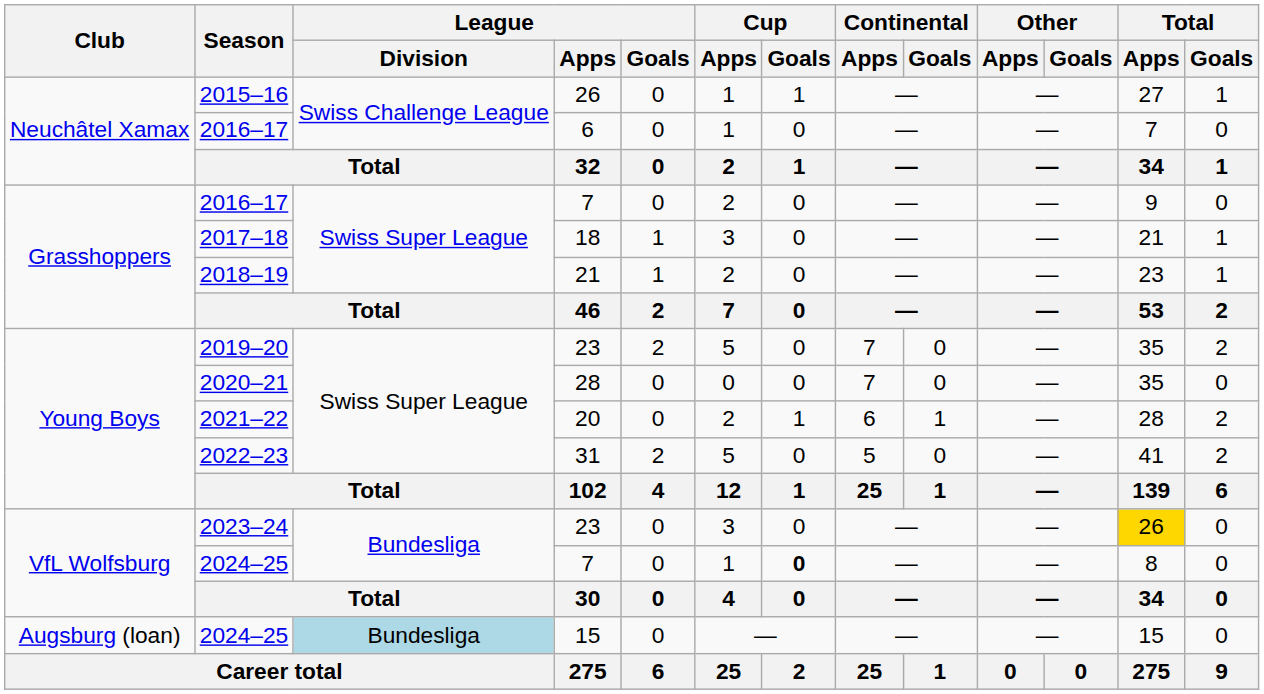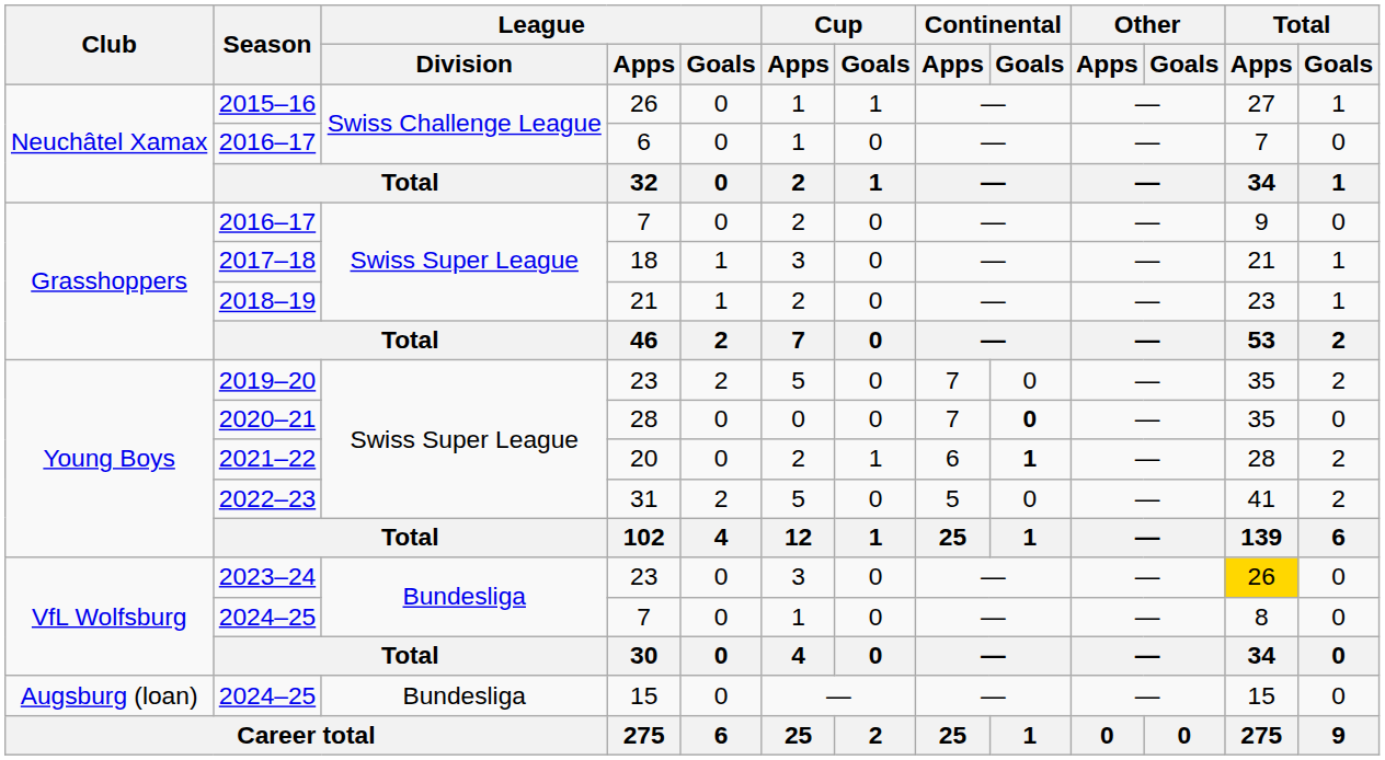 <table class="wikitable" style="text-align: center;">
 <tr>
 <th rowspan="2">Club</th>
 <th rowspan="2">Season</th>
 <th colspan="3">League</th>
 <th colspan="2">Cup</th>
 <th colspan="2">Continental</th>
 <th colspan="2">Other</th>
 <th colspan="2">Total</th>
 </tr>
 <tr>
 <th>Division</th>
 <th>Apps</th>
 <th>Goals</th>
 <th>Apps</th>
 <th>Goals</th>
 <th>Apps</th>
 <th>Goals</th>
 <th>Apps</th>
 <th>Goals</th>
 <th>Apps</th>
 <th>Goals</th>
 </tr>
 <tr>
 <td rowspan="3"><a href='#'>Neuchâtel Xamax</a></td>
 <td><a href='#'>2015–16</a></td>
 <td rowspan="2"><a href='#'>Swiss Challenge League</a></td>
 <td>26</td>
 <td>0</td>
 <td>1</td>
 <td>1</td>
 <td colspan="2">—</td>
 <td colspan="2">—</td>
 <td>27</td>
 <td>1</td>
 </tr>
 <tr>
 <td><a href='#'>2016–17</a></td>
 <td>6</td>
 <td>0</td>
 <td>1</td>
 <td>0</td>
 <td colspan="2">—</td>
 <td colspan="2">—</td>
 <td>7</td>
 <td>0</td>
 </tr>
 <tr>
 <th colspan="2">Total</th>
 <th>32</th>
 <th>0</th>
 <th>2</th>
 <th>1</th>
 <th colspan="2">—</th>
 <th colspan="2">—</th>
 <th>34</th>
 <th>1</th>
 </tr>
 <tr>
 <td rowspan="4"><a href='#'>Grasshoppers</a></td>
 <td><a href='#'>2016–17</a></td>
 <td rowspan="3"><a href='#'>Swiss Super League</a></td>
 <td>7</td>
 <td>0</td>
 <td>2</td>
 <td>0</td>
 <td colspan="2">—</td>
 <td colspan="2">—</td>
 <td>9</td>
 <td>0</td>
 </tr>
 <tr>
 <td><a href='#'>2017–18</a></td>
 <td>18</td>
 <td>1</td>
 <td>3</td>
 <td>0</td>
 <td colspan="2">—</td>
 <td colspan="2">—</td>
 <td>21</td>
 <td>1</td>
 </tr>
 <tr>
 <td><a href='#'>2018–19</a></td>
 <td>21</td>
 <td>1</td>
 <td>2</td>
 <td>0</td>
 <td colspan="2">—</td>
 <td colspan="2">—</td>
 <td>23</td>
 <td>1</td>
 </tr>
 <tr>
 <th colspan="2">Total</th>
 <th>46</th>
 <th>2</th>
 <th>7</th>
 <th>0</th>
 <th colspan="2">—</th>
 <th colspan="2">—</th>
 <th>53</th>
 <th>2</th>
 </tr>
 <tr>
 <td rowspan="5"><a href='#'>Young Boys</a></td>
 <td><a href='#'>2019–20</a></td>
 <td rowspan="4">Swiss Super League</td>
 <td>23</td>
 <td>2</td>
 <td>5</td>
 <td>0</td>
 <td>7</td>
 <td>0</td>
 <td colspan="2">—</td>
 <td>35</td>
 <td>2</td>
 </tr>
 <tr>
 <td><a href='#'>2020–21</a></td>
 <td>28</td>
 <td>0</td>
 <td>0</td>
 <td>0</td>
 <td>7</td>
-<td>0</td>
+<td><strong>0</strong></td>
 <td colspan="2">—</td>
 <td>35</td>
 <td>0</td>
 </tr>
 <tr>
 <td><a href='#'>2021–22</a></td>
 <td>20</td>
 <td>0</td>
 <td>2</td>
 <td>1</td>
 <td>6</td>
-<td>1</td>
+<td><strong>1</strong></td>
 <td colspan="2">—</td>
 <td>28</td>
 <td>2</td>
 </tr>
 <tr>
 <td><a href='#'>2022–23</a></td>
 <td>31</td>
 <td>2</td>
 <td>5</td>
 <td>0</td>
 <td>5</td>
 <td>0</td>
 <td colspan="2">—</td>
 <td>41</td>
 <td>2</td>
 </tr>
 <tr>
 <th colspan="2">Total</th>
 <th>102</th>
 <th>4</th>
 <th>12</th>
 <th>1</th>
 <th>25</th>
 <th>1</th>
 <th colspan="2">—</th>
 <th>139</th>
 <th>6</th>
 </tr>
 <tr>
 <td rowspan="3"><a href='#'>VfL Wolfsburg</a></td>
 <td><a href='#'>2023–24</a></td>
 <td rowspan="2"><a href='#'>Bundesliga</a></td>
 <td>23</td>
 <td>0</td>
 <td>3</td>
 <td>0</td>
 <td colspan="2">—</td>
 <td colspan="2">—</td>
 <td style="background: gold;">26</td>
 <td>0</td>
 </tr>
 <tr>
 <td><a href='#'>2024–25</a></td>
 <td>7</td>
 <td>0</td>
 <td>1</td>
-<td><strong>0</strong></td>
+<td>0</td>
 <td colspan="2">—</td>
 <td colspan="2">—</td>
 <td>8</td>
 <td>0</td>
 </tr>
 <tr>
 <th colspan="2">Total</th>
 <th>30</th>
 <th>0</th>
 <th>4</th>
 <th>0</th>
 <th colspan="2">—</th>
 <th colspan="2">—</th>
 <th>34</th>
 <th>0</th>
 </tr>
 <tr>
 <td><a href='#'>Augsburg</a> (loan)</td>
 <td><a href='#'>2024–25</a></td>
-<td style="background: lightblue;">Bundesliga</td>
+<td>Bundesliga</td>
 <td>15</td>
 <td>0</td>
 <td colspan="2">—</td>
 <td colspan="2">—</td>
 <td colspan="2">—</td>
 <td>15</td>
 <td>0</td>
 </tr>
 <tr>
 <th colspan="3">Career total</th>
 <th>275</th>
 <th>6</th>
 <th>25</th>
 <th>2</th>
 <th>25</th>
 <th>1</th>
 <th>0</th>
 <th>0</th>
 <th>275</th>
 <th>9</th>
 </tr>
 </table>
